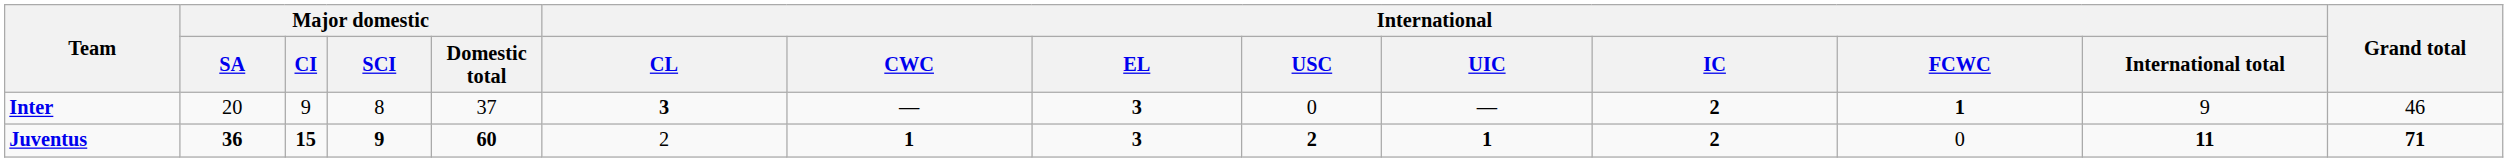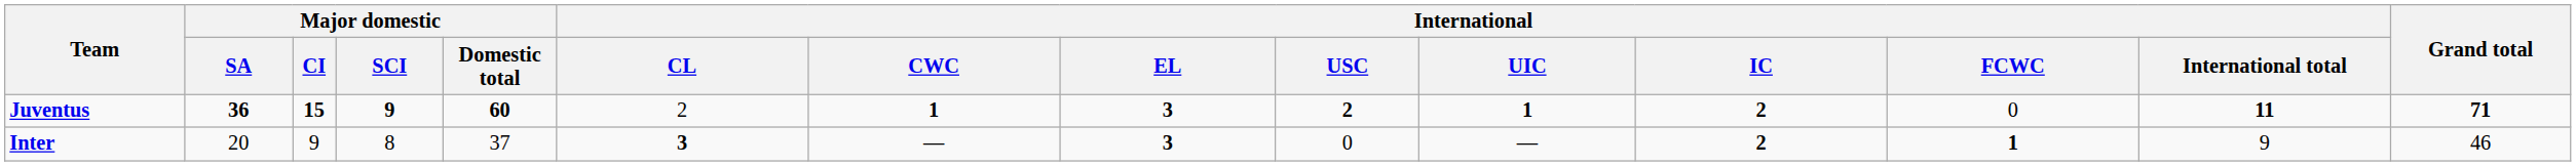 <table class="wikitable sortable">
 <tr>
 <th rowspan="2" style="width:5%;">Team</th>
 <th colspan="4" style="width:17%;">Major domestic</th>
 <th colspan="8" style="width:19%;">International</th>
 <th rowspan="2" style="width:5%;">Grand total</th>
 </tr>
 <tr>
 <th style="width:3%;" class="sortable"><a href='#'>SA</a></th>
 <th style="width:1%;" class="sortable"><a href='#'>CI</a></th>
 <th style="width:3%;" class="sortable"><a href='#'>SCI</a></th>
 <th style="width:2%;" class="sortable">Domestic total</th>
 <th style="width:7%;" class="sortable"><a href='#'>CL</a></th>
 <th style="width:7%;" class="sortable"><a href='#'>CWC</a></th>
 <th style="width:6%;" class="sortable"><a href='#'>EL</a></th>
 <th style="width:4%;" class="sortable"><a href='#'>USC</a></th>
 <th style="width:6%;" class="sortable"><a href='#'>UIC</a></th>
 <th style="width:7%;" class="sortable"><a href='#'>IC</a></th>
 <th style="width:7%;" class="sortable"><a href='#'>FCWC</a></th>
 <th style="width:7%;" class="sortable">International total</th>
 </tr>
 <tr>
+<td><strong><a href='#'>Juventus</a></strong></td>
+<td align=center><strong>36</strong></td>
+<td align=center><strong>15</strong></td>
+<td align=center><strong>9</strong></td>
+<td align=center><strong>60</strong></td>
+<td align=center>2</td>
+<td align=center><strong>1</strong></td>
+<td align=center><strong>3</strong></td>
+<td align=center><strong>2</strong></td>
+<td align=center><strong>1</strong></td>
+<td align=center><strong>2</strong></td>
+<td align=center>0</td>
+<td align=center><strong>11</strong></td>
+<td align=center><strong>71</strong></td>
+</tr>
+<tr>
 <td><strong><a href='#'>Inter</a></strong></td>
 <td align=center>20</td>
 <td align=center>9</td>
 <td align=center>8</td>
 <td align=center>37</td>
 <td align=center><strong>3</strong></td>
 <td align=center>—</td>
 <td align=center><strong>3</strong></td>
 <td align=center>0</td>
 <td align=center>—</td>
 <td align=center><strong>2</strong></td>
 <td align=center><strong>1</strong></td>
 <td align=center>9</td>
 <td align=center>46</td>
 </tr>
-<tr>
-<td><strong><a href='#'>Juventus</a></strong></td>
-<td align=center><strong>36</strong></td>
-<td align=center><strong>15</strong></td>
-<td align=center><strong>9</strong></td>
-<td align=center><strong>60</strong></td>
-<td align=center>2</td>
-<td align=center><strong>1</strong></td>
-<td align=center><strong>3</strong></td>
-<td align=center><strong>2</strong></td>
-<td align=center><strong>1</strong></td>
-<td align=center><strong>2</strong></td>
-<td align=center>0</td>
-<td align=center><strong>11</strong></td>
-<td align=center><strong>71</strong></td>
-</tr>
 </table>
